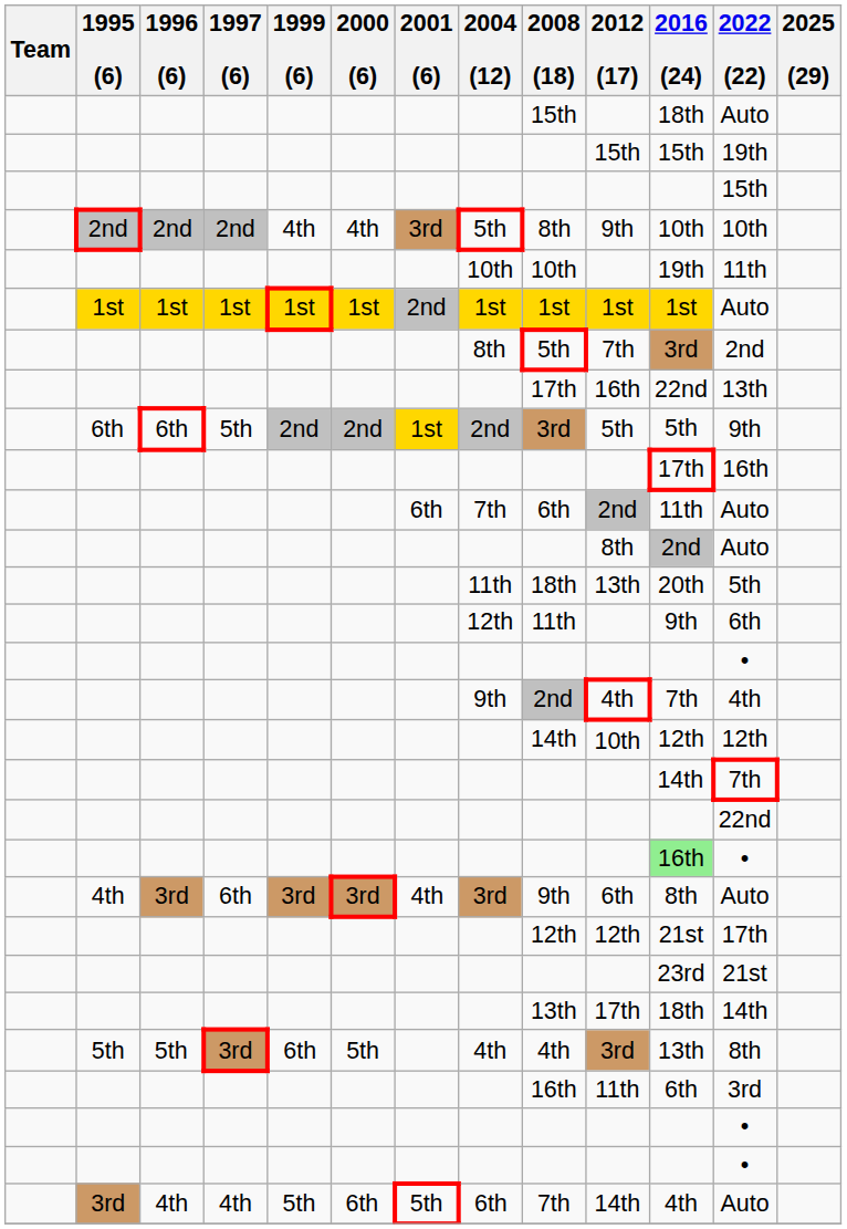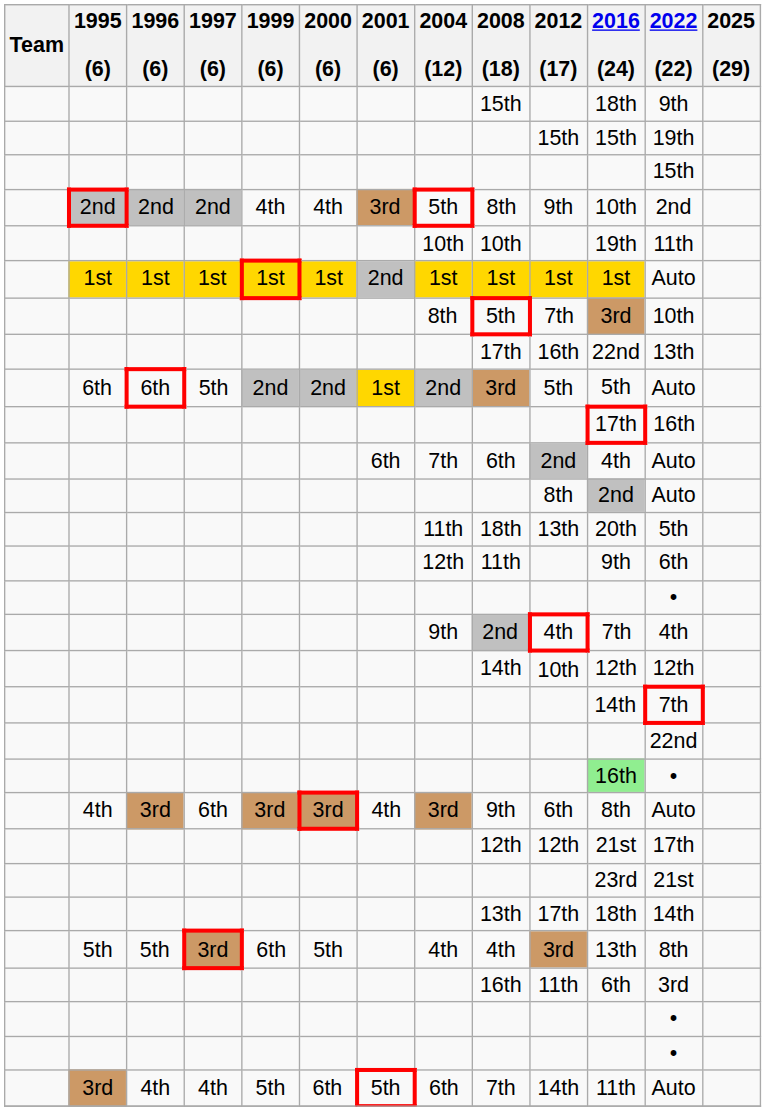 <table class="wikitable collapsible"  style="text-align:center;">
 <tr style="background:#cccccc;">
 <th>Team</th>
 <th>1995<br><br>(6)</th>
 <th>1996<br><br>(6)</th>
 <th>1997<br><br>(6)</th>
 <th>1999<br><br>(6)</th>
 <th>2000<br><br>(6)</th>
 <th>2001<br><br>(6)</th>
 <th>2004<br><br>(12)</th>
 <th>2008<br><br>(18)</th>
 <th>2012<br><br>(17)</th>
 <th><a href='#'>2016</a><br><br>(24)</th>
 <th><a href='#'>2022</a><br><br>(22)</th>
 <th>2025<br><br>(29)</th>
 </tr>
 <tr>
 <td align=left></td>
 <td></td>
 <td></td>
 <td></td>
 <td></td>
 <td></td>
 <td></td>
 <td></td>
 <td>15th</td>
 <td></td>
 <td>18th</td>
-<td>Auto</td>
+<td>9th</td>
 <td></td>
 </tr>
 <tr>
 <td align=left></td>
 <td></td>
 <td></td>
 <td></td>
 <td></td>
 <td></td>
 <td></td>
 <td></td>
 <td></td>
 <td>15th</td>
 <td>15th</td>
 <td>19th</td>
 <td></td>
 </tr>
 <tr>
 <td align="left"></td>
 <td></td>
 <td></td>
 <td></td>
 <td></td>
 <td></td>
 <td></td>
 <td></td>
 <td></td>
 <td></td>
 <td></td>
 <td>15th</td>
 <td></td>
 </tr>
 <tr>
 <td align=left></td>
 <td style="border: 3px solid red" bgcolor=silver>2nd</td>
 <td bgcolor=silver>2nd</td>
 <td bgcolor=silver>2nd</td>
 <td>4th</td>
 <td>4th</td>
 <td bgcolor=cc9966>3rd</td>
 <td style="border: 3px solid red">5th</td>
 <td>8th</td>
 <td>9th</td>
 <td>10th</td>
-<td>10th</td>
+<td>2nd</td>
 <td></td>
 </tr>
 <tr>
 <td align=left></td>
 <td></td>
 <td></td>
 <td></td>
 <td></td>
 <td></td>
 <td></td>
 <td>10th</td>
 <td>10th</td>
 <td></td>
 <td>19th</td>
 <td>11th</td>
 <td></td>
 </tr>
 <tr>
 <td align=left></td>
 <td bgcolor=gold>1st</td>
 <td bgcolor=gold>1st</td>
 <td bgcolor=gold>1st</td>
 <td style="border: 3px solid red" bgcolor=gold>1st</td>
 <td bgcolor=gold>1st</td>
 <td bgcolor=silver>2nd</td>
 <td bgcolor=gold>1st</td>
 <td bgcolor=gold>1st</td>
 <td bgcolor=gold>1st</td>
 <td bgcolor=gold>1st</td>
 <td>Auto</td>
 <td></td>
 </tr>
 <tr>
 <td align=left></td>
 <td></td>
 <td></td>
 <td></td>
 <td></td>
 <td></td>
 <td></td>
 <td>8th</td>
 <td style="border: 3px solid red">5th</td>
 <td>7th</td>
 <td bgcolor="cc9966">3rd</td>
-<td>2nd</td>
+<td>10th</td>
 <td></td>
 </tr>
 <tr>
 <td align=left></td>
 <td></td>
 <td></td>
 <td></td>
 <td></td>
 <td></td>
 <td></td>
 <td></td>
 <td>17th</td>
 <td>16th</td>
 <td>22nd</td>
 <td>13th</td>
 <td></td>
 </tr>
 <tr>
 <td align=left></td>
 <td>6th</td>
 <td style="border: 3px solid red">6th</td>
 <td>5th</td>
 <td bgcolor=silver>2nd</td>
 <td bgcolor=silver>2nd</td>
 <td bgcolor=gold>1st</td>
 <td bgcolor=silver>2nd</td>
 <td bgcolor=cc9966>3rd</td>
 <td>5th</td>
 <td>5th</td>
-<td>9th</td>
+<td>Auto</td>
 <td></td>
 </tr>
 <tr>
 <td align="left"></td>
 <td></td>
 <td></td>
 <td></td>
 <td></td>
 <td></td>
 <td></td>
 <td></td>
 <td></td>
 <td></td>
 <td style="border: 3px solid red">17th</td>
 <td>16th</td>
 <td></td>
 </tr>
 <tr>
 <td align="left"></td>
 <td></td>
 <td></td>
 <td></td>
 <td></td>
 <td></td>
 <td>6th</td>
 <td>7th</td>
 <td>6th</td>
 <td bgcolor="silver">2nd</td>
-<td>11th</td>
+<td>4th</td>
 <td>Auto</td>
 <td></td>
 </tr>
 <tr>
 <td align="left"></td>
 <td></td>
 <td></td>
 <td></td>
 <td></td>
 <td></td>
 <td></td>
 <td></td>
 <td></td>
 <td>8th</td>
 <td bgcolor="silver">2nd</td>
 <td>Auto</td>
 <td></td>
 </tr>
 <tr>
 <td align="left"></td>
 <td></td>
 <td></td>
 <td></td>
 <td></td>
 <td></td>
 <td></td>
 <td>11th</td>
 <td>18th</td>
 <td>13th</td>
 <td>20th</td>
 <td>5th</td>
 <td></td>
 </tr>
 <tr>
 <td align="left"></td>
 <td></td>
 <td></td>
 <td></td>
 <td></td>
 <td></td>
 <td></td>
 <td>12th</td>
 <td>11th</td>
 <td></td>
 <td>9th</td>
 <td>6th</td>
 <td></td>
 </tr>
 <tr>
 <td align="left"></td>
 <td></td>
 <td></td>
 <td></td>
 <td></td>
 <td></td>
 <td></td>
 <td></td>
 <td></td>
 <td></td>
 <td></td>
 <td>•</td>
 <td></td>
 </tr>
 <tr>
 <td align="left"></td>
 <td></td>
 <td></td>
 <td></td>
 <td></td>
 <td></td>
 <td></td>
 <td>9th</td>
 <td bgcolor="silver">2nd</td>
 <td style="border: 3px solid red">4th</td>
 <td>7th</td>
 <td>4th</td>
 <td></td>
 </tr>
 <tr>
 <td align="left"></td>
 <td></td>
 <td></td>
 <td></td>
 <td></td>
 <td></td>
 <td></td>
 <td></td>
 <td>14th</td>
 <td>10th</td>
 <td>12th</td>
 <td>12th</td>
 <td></td>
 </tr>
 <tr>
 <td align="left"></td>
 <td></td>
 <td></td>
 <td></td>
 <td></td>
 <td></td>
 <td></td>
 <td></td>
 <td></td>
 <td></td>
 <td>14th</td>
 <td style="border: 3px solid red">7th</td>
 <td></td>
 </tr>
 <tr>
 <td align="left"></td>
 <td></td>
 <td></td>
 <td></td>
 <td></td>
 <td></td>
 <td></td>
 <td></td>
 <td></td>
 <td></td>
 <td></td>
 <td>22nd</td>
 <td></td>
 </tr>
 <tr>
 <td align="left"></td>
 <td></td>
 <td></td>
 <td></td>
 <td></td>
 <td></td>
 <td></td>
 <td></td>
 <td></td>
 <td></td>
 <td style="background: lightgreen;">16th</td>
 <td>•</td>
 <td></td>
 </tr>
 <tr>
 <td align="left"></td>
 <td>4th</td>
 <td bgcolor="cc9966">3rd</td>
 <td>6th</td>
 <td bgcolor="cc9966">3rd</td>
 <td style="border: 3px solid red" bgcolor="cc9966">3rd</td>
 <td>4th</td>
 <td bgcolor="cc9966">3rd</td>
 <td>9th</td>
 <td>6th</td>
 <td>8th</td>
 <td>Auto</td>
 <td></td>
 </tr>
 <tr>
 <td align="left"></td>
 <td></td>
 <td></td>
 <td></td>
 <td></td>
 <td></td>
 <td></td>
 <td></td>
 <td>12th</td>
 <td>12th</td>
 <td>21st</td>
 <td>17th</td>
 <td></td>
 </tr>
 <tr>
 <td align="left"></td>
 <td></td>
 <td></td>
 <td></td>
 <td></td>
 <td></td>
 <td></td>
 <td></td>
 <td></td>
 <td></td>
 <td>23rd</td>
 <td>21st</td>
 <td></td>
 </tr>
 <tr>
 <td align="left"></td>
 <td></td>
 <td></td>
 <td></td>
 <td></td>
 <td></td>
 <td></td>
 <td></td>
 <td>13th</td>
 <td>17th</td>
 <td>18th</td>
 <td>14th</td>
 <td></td>
 </tr>
 <tr>
 <td align="left"></td>
 <td>5th</td>
 <td>5th</td>
 <td style="border: 3px solid red" bgcolor="cc9966">3rd</td>
 <td>6th</td>
 <td>5th</td>
 <td></td>
 <td>4th</td>
 <td>4th</td>
 <td bgcolor="cc9966">3rd</td>
 <td>13th</td>
 <td>8th</td>
 <td></td>
 </tr>
 <tr>
 <td align="left"></td>
 <td></td>
 <td></td>
 <td></td>
 <td></td>
 <td></td>
 <td></td>
 <td></td>
 <td>16th</td>
 <td>11th</td>
 <td>6th</td>
 <td>3rd</td>
 <td></td>
 </tr>
 <tr>
 <td align="left"></td>
 <td></td>
 <td></td>
 <td></td>
 <td></td>
 <td></td>
 <td></td>
 <td></td>
 <td></td>
 <td></td>
 <td></td>
 <td>•</td>
 <td></td>
 </tr>
 <tr>
 <td align="left"></td>
 <td></td>
 <td></td>
 <td></td>
 <td></td>
 <td></td>
 <td></td>
 <td></td>
 <td></td>
 <td></td>
 <td></td>
 <td>•</td>
 <td></td>
 </tr>
 <tr>
 <td align="left"></td>
 <td bgcolor="cc9966">3rd</td>
 <td>4th</td>
 <td>4th</td>
 <td>5th</td>
 <td>6th</td>
 <td style="border: 3px solid red">5th</td>
 <td>6th</td>
 <td>7th</td>
 <td>14th</td>
-<td>4th</td>
+<td>11th</td>
 <td>Auto</td>
 <td></td>
 </tr>
 <tr>
 </tr>
 </table>
